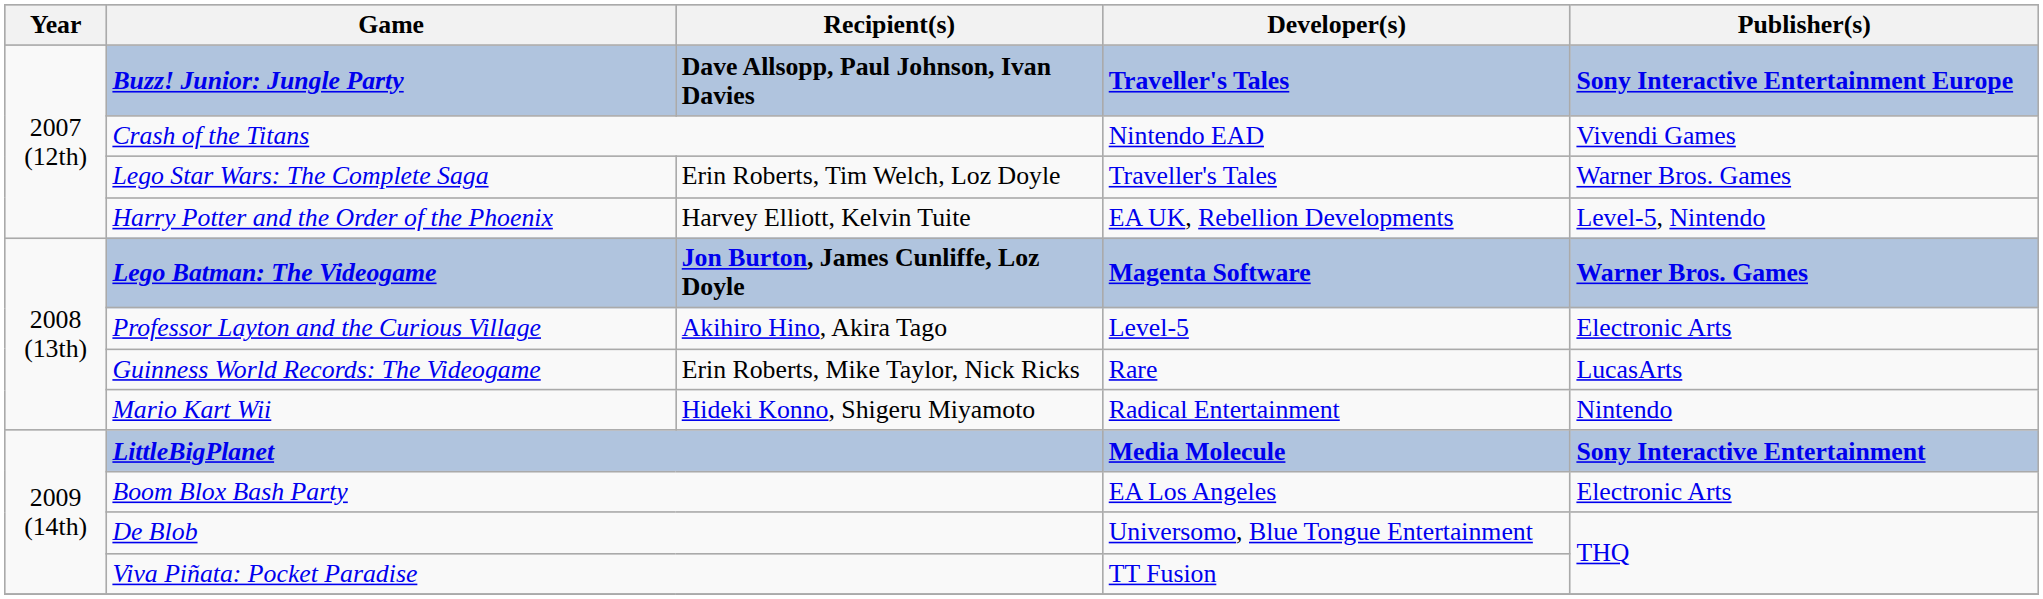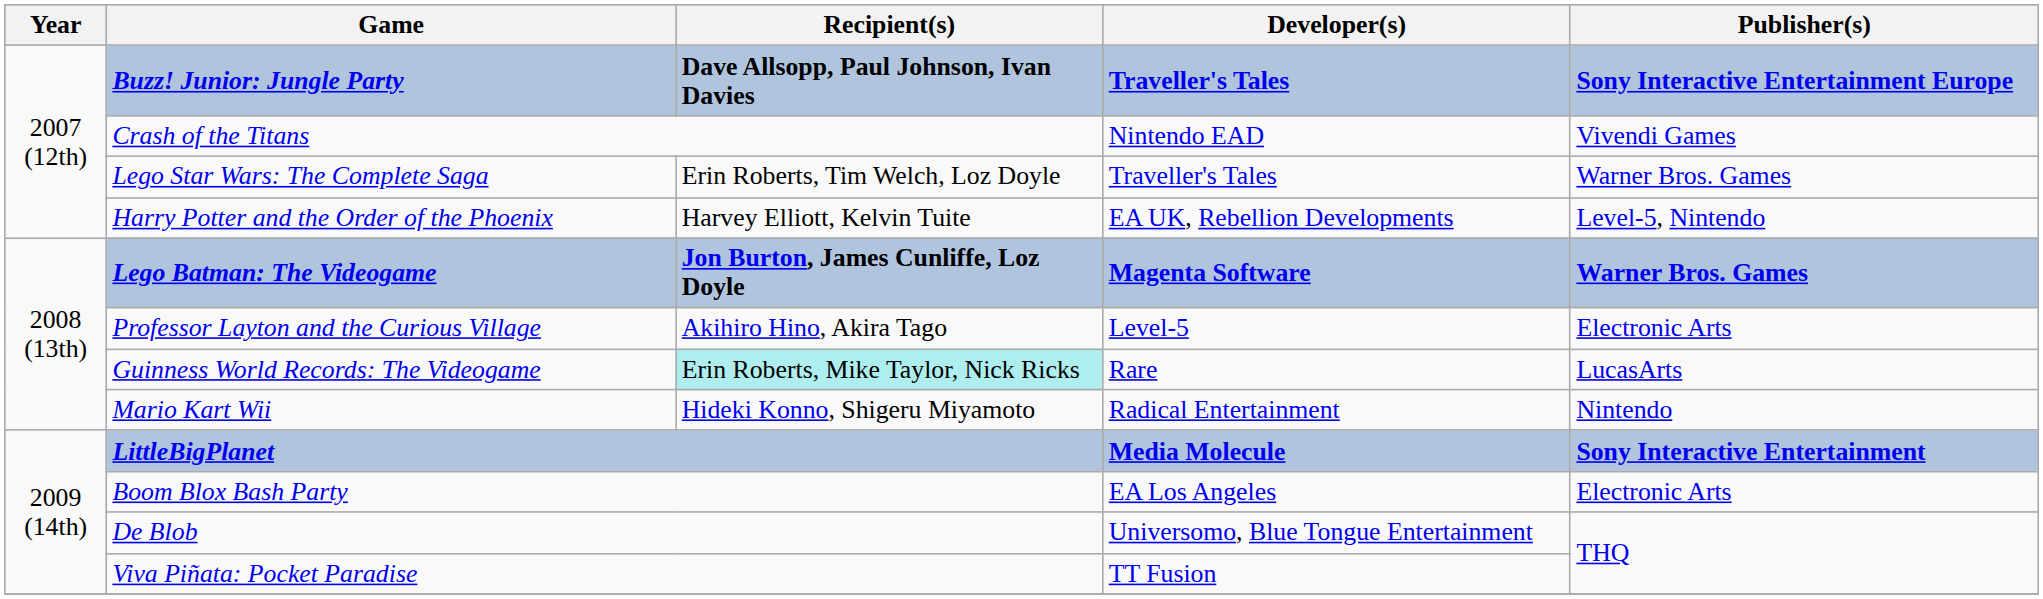 <table class="wikitable" style="width:100%">
 <tr bgcolor="#CCCCCC" align="center">
 <th width="5%">Year</th>
 <th width="28%">Game</th>
 <th width="21%">Recipient(s)</th>
 <th width="23%">Developer(s)</th>
 <th width="23%">Publisher(s)</th>
 </tr>
 <tr>
 <td rowspan="4" style="text-align:center;">2007<br>(12th)<br></td>
 <td style="background:#B0C4DE;"><strong><em><a href='#'>Buzz! Junior: Jungle Party</a></em></strong></td>
 <td style="background:#B0C4DE;"><strong>Dave Allsopp, Paul Johnson, Ivan Davies</strong></td>
 <td style="background:#B0C4DE;"><strong><a href='#'>Traveller's Tales</a></strong></td>
 <td style="background:#B0C4DE;"><strong><a href='#'>Sony Interactive Entertainment Europe</a></strong></td>
 </tr>
 <tr>
 <td colspan="2"><em><a href='#'>Crash of the Titans</a></em></td>
 <td><a href='#'>Nintendo EAD</a></td>
 <td><a href='#'>Vivendi Games</a></td>
 </tr>
 <tr>
 <td><em><a href='#'>Lego Star Wars: The Complete Saga</a></em></td>
 <td>Erin Roberts, Tim Welch, Loz Doyle</td>
 <td><a href='#'>Traveller's Tales</a></td>
 <td><a href='#'>Warner Bros. Games</a></td>
 </tr>
 <tr>
 <td><em><a href='#'>Harry Potter and the Order of the Phoenix</a></em></td>
 <td>Harvey Elliott, Kelvin Tuite</td>
 <td><a href='#'>EA UK</a>, <a href='#'>Rebellion Developments</a></td>
 <td><a href='#'>Level-5</a>, <a href='#'>Nintendo</a></td>
 </tr>
 <tr>
 <td rowspan="4" style="text-align:center;">2008<br>(13th)<br></td>
 <td style="background:#B0C4DE;"><strong><em><a href='#'>Lego Batman: The Videogame</a></em></strong></td>
 <td style="background:#B0C4DE;"><strong><a href='#'>Jon Burton</a>, James Cunliffe, Loz Doyle</strong></td>
 <td style="background:#B0C4DE;"><strong><a href='#'>Magenta Software</a></strong></td>
 <td style="background:#B0C4DE;"><strong><a href='#'>Warner Bros. Games</a></strong></td>
 </tr>
 <tr>
 <td><em><a href='#'>Professor Layton and the Curious Village</a></em></td>
 <td><a href='#'>Akihiro Hino</a>, Akira Tago</td>
 <td><a href='#'>Level-5</a></td>
 <td><a href='#'>Electronic Arts</a></td>
 </tr>
 <tr>
 <td><em><a href='#'>Guinness World Records: The Videogame</a></em></td>
-<td>Erin Roberts, Mike Taylor, Nick Ricks</td>
+<td style="background: paleturquoise;">Erin Roberts, Mike Taylor, Nick Ricks</td>
 <td><a href='#'>Rare</a></td>
 <td><a href='#'>LucasArts</a></td>
 </tr>
 <tr>
 <td><em><a href='#'>Mario Kart Wii</a></em></td>
 <td><a href='#'>Hideki Konno</a>, Shigeru Miyamoto</td>
 <td><a href='#'>Radical Entertainment</a></td>
 <td><a href='#'>Nintendo</a></td>
 </tr>
 <tr>
 <td rowspan="4" style="text-align:center;">2009<br>(14th)<br></td>
 <td colspan="2" style="background:#B0C4DE;"><strong><em><a href='#'>LittleBigPlanet</a></em></strong></td>
 <td style="background:#B0C4DE;"><strong><a href='#'>Media Molecule</a></strong></td>
 <td style="background:#B0C4DE;"><strong><a href='#'>Sony Interactive Entertainment</a></strong></td>
 </tr>
 <tr>
 <td colspan="2"><em><a href='#'>Boom Blox Bash Party</a></em></td>
 <td><a href='#'>EA Los Angeles</a></td>
 <td><a href='#'>Electronic Arts</a></td>
 </tr>
 <tr>
 <td colspan="2"><em><a href='#'>De Blob</a></em></td>
 <td><a href='#'>Universomo</a>, <a href='#'>Blue Tongue Entertainment</a></td>
 <td rowspan="2"><a href='#'>THQ</a></td>
 </tr>
 <tr>
 <td colspan="2"><em><a href='#'>Viva Piñata: Pocket Paradise</a></em></td>
 <td><a href='#'>TT Fusion</a></td>
 </tr>
 <tr>
 </tr>
 </table>
